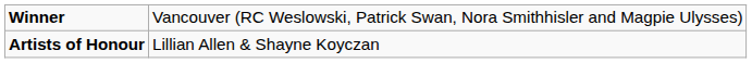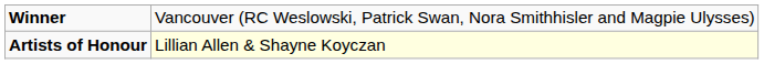 <table class="wikitable">
 <tr>
 <td><strong>Winner</strong></td>
 <td>Vancouver (RC Weslowski, Patrick Swan, Nora Smithhisler and Magpie Ulysses)</td>
 </tr>
 <tr>
 <td><strong>Artists of Honour</strong></td>
-<td>Lillian Allen & Shayne Koyczan</td>
+<td style="background: lightyellow;">Lillian Allen & Shayne Koyczan</td>
 </tr>
 </table>
